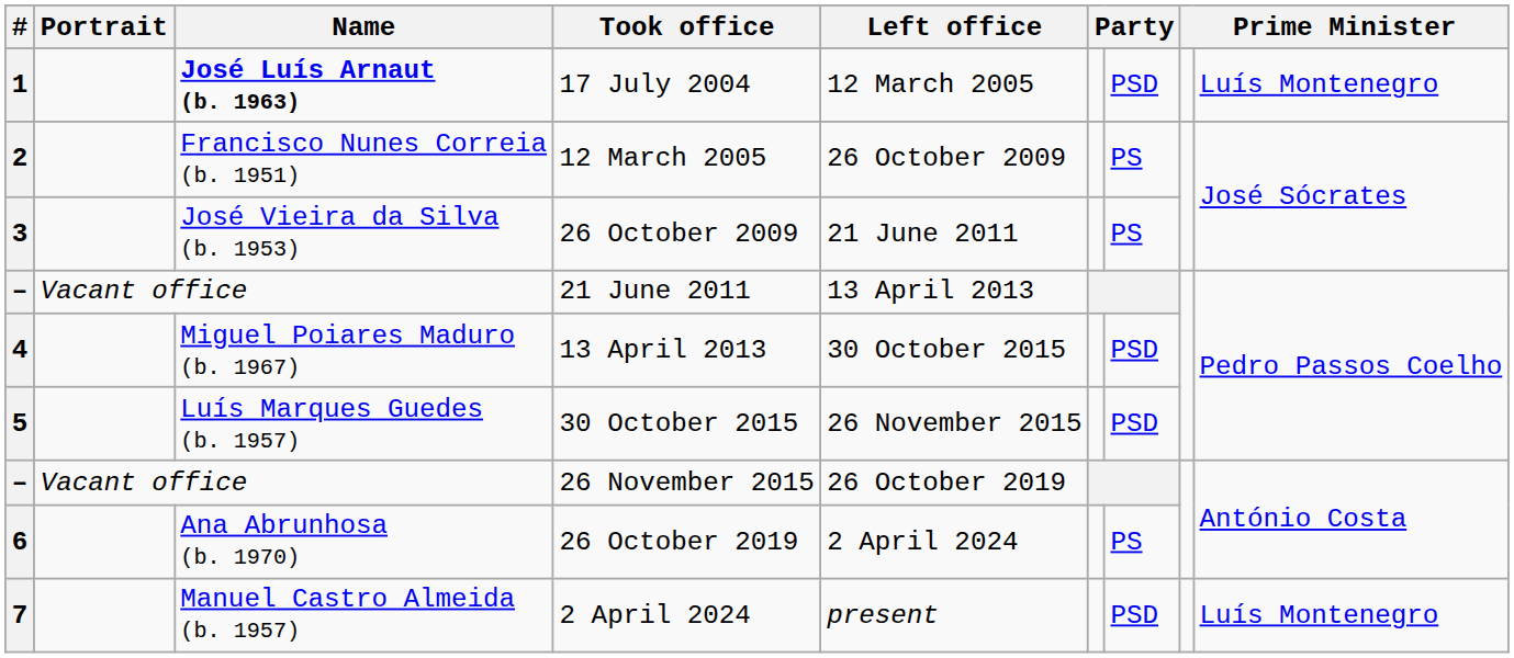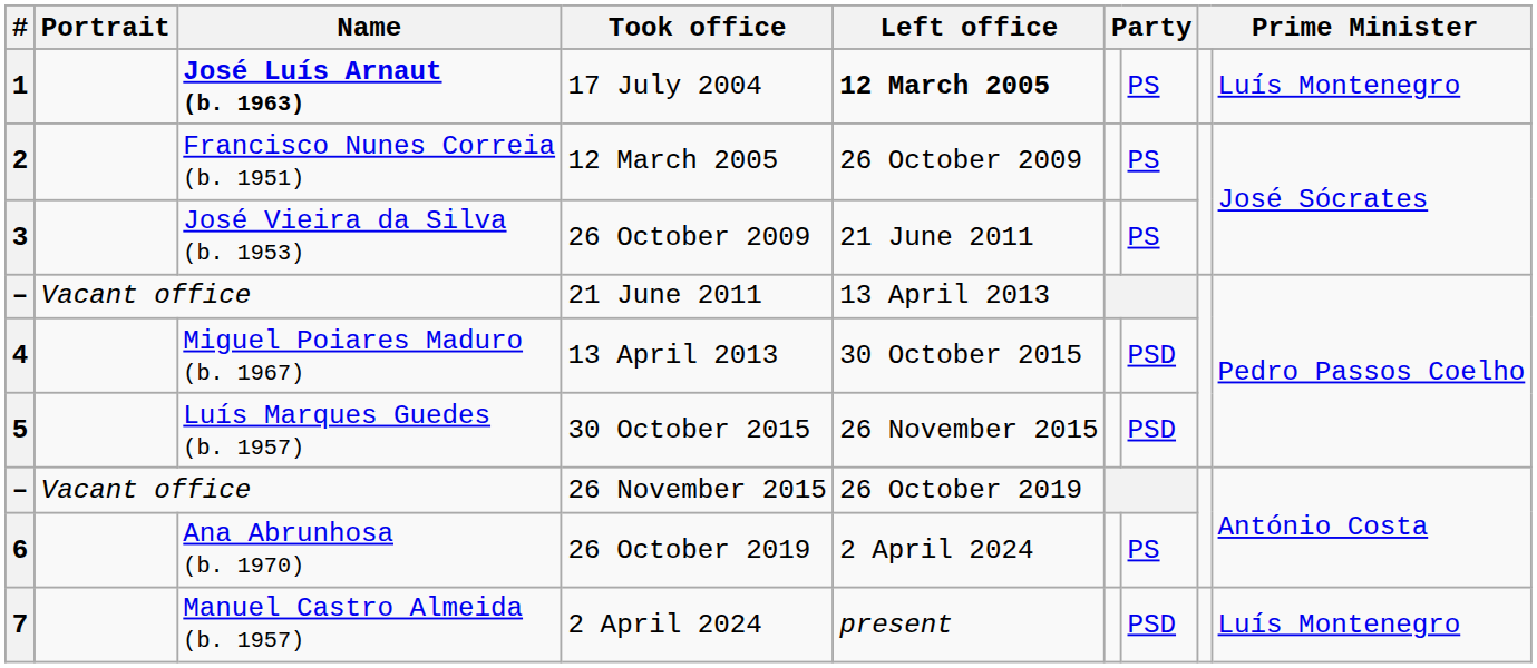 <table class="wikitable">
 <tr>
 <th>#</th>
 <th>Portrait</th>
 <th>Name</th>
 <th>Took office</th>
 <th>Left office</th>
 <th colspan="2">Party</th>
 <th colspan="2">Prime Minister</th>
 </tr>
 <tr>
 <th>1</th>
 <td></td>
 <td><strong><a href='#'>José Luís Arnaut</a><br><small>(b. 1963)</small></strong></td>
 <td>17 July 2004</td>
-<td>12 March 2005</td>
+<td><strong>12 March 2005</strong></td>
 <td style="background-color: "></td>
-<td><a href='#'>PSD</a></td>
+<td><a href='#'>PS</a></td>
 <td style="background-color: "></td>
 <td><a href='#'>Luís Montenegro</a></td>
 </tr>
 <tr>
 <th>2</th>
 <td></td>
 <td><a href='#'>Francisco Nunes Correia</a><br><small>(b. 1951)</small></td>
 <td>12 March 2005</td>
 <td>26 October 2009</td>
 <td style="background-color: "></td>
 <td><a href='#'>PS</a></td>
 <td rowspan="2" style="background-color: "></td>
 <td rowspan="2"><a href='#'>José Sócrates</a></td>
 </tr>
 <tr>
 <th>3</th>
 <td></td>
 <td><a href='#'>José Vieira da Silva</a><br><small>(b. 1953)</small></td>
 <td>26 October 2009</td>
 <td>21 June 2011</td>
 <td style="background-color: "></td>
 <td><a href='#'>PS</a></td>
 </tr>
 <tr>
 <th>–</th>
 <td colspan="2"><em>Vacant office</em></td>
 <td>21 June 2011</td>
 <td>13 April 2013</td>
 <th colspan="2"></th>
 <td rowspan="3" style="background-color: "></td>
 <td rowspan="3"><a href='#'>Pedro Passos Coelho</a></td>
 </tr>
 <tr>
 <th>4</th>
 <td></td>
 <td><a href='#'>Miguel Poiares Maduro</a><br><small>(b. 1967)</small></td>
 <td>13 April 2013</td>
 <td>30 October 2015</td>
 <td style="background-color: "></td>
 <td><a href='#'>PSD</a></td>
 </tr>
 <tr>
 <th>5</th>
 <td></td>
 <td><a href='#'>Luís Marques Guedes</a><br><small>(b. 1957)</small></td>
 <td>30 October 2015</td>
 <td>26 November 2015</td>
 <td style="background-color: "></td>
 <td><a href='#'>PSD</a></td>
 </tr>
 <tr>
 <th>–</th>
 <td colspan="2"><em>Vacant office</em></td>
 <td>26 November 2015</td>
 <td>26 October 2019</td>
 <th colspan="2"></th>
 <td rowspan="2" style="background-color: "></td>
 <td rowspan="2"><a href='#'>António Costa</a></td>
 </tr>
 <tr>
 <th>6</th>
 <td></td>
 <td><a href='#'>Ana Abrunhosa</a><br><small>(b. 1970)</small></td>
 <td>26 October 2019</td>
 <td>2 April 2024</td>
 <td style="background-color: "></td>
 <td><a href='#'>PS</a></td>
 </tr>
 <tr>
 <th>7</th>
 <td></td>
 <td><a href='#'>Manuel Castro Almeida</a><br><small>(b. 1957)</small></td>
 <td>2 April 2024</td>
 <td><em>present</em></td>
 <td style="background-color: "></td>
 <td><a href='#'>PSD</a></td>
 <td style="background-color: "></td>
 <td><a href='#'>Luís Montenegro</a></td>
 </tr>
 </table>
